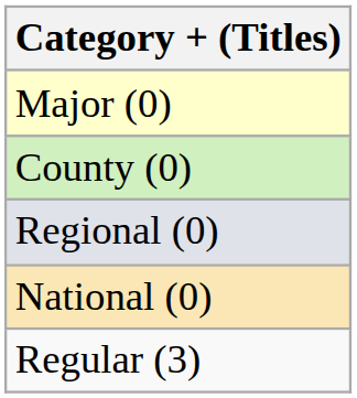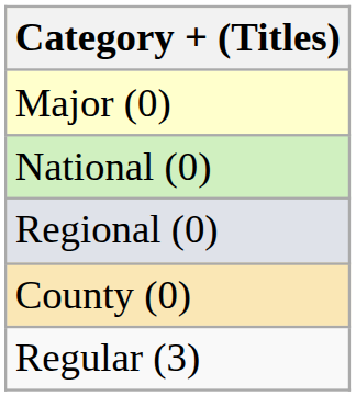 <table class="wikitable" style="display:inline-table;">
 <tr style="background:#ffc;">
 <th>Category + (Titles)</th>
 </tr>
 <tr style="background:#ffc;">
 <td>Major (0)</td>
 </tr>
 <tr style="background:#d0f0c0">
-<td>County (0)</td>
+<td>National (0)</td>
 </tr>
 <tr style="background:#dfe2e9">
 <td>Regional (0)</td>
 </tr>
 <tr style="background:#fae7b5">
-<td>National (0)</td>
+<td>County (0)</td>
 </tr>
 <tr>
 <td>Regular (3)</td>
 </tr>
 </table>
